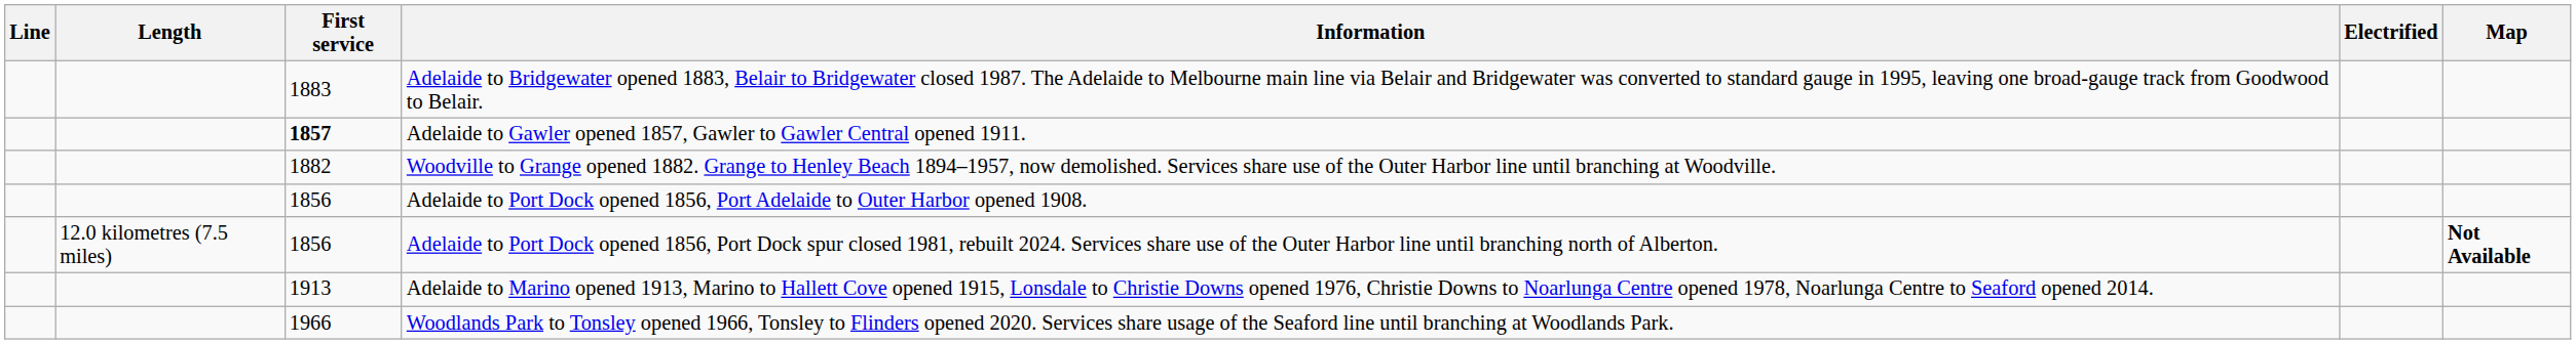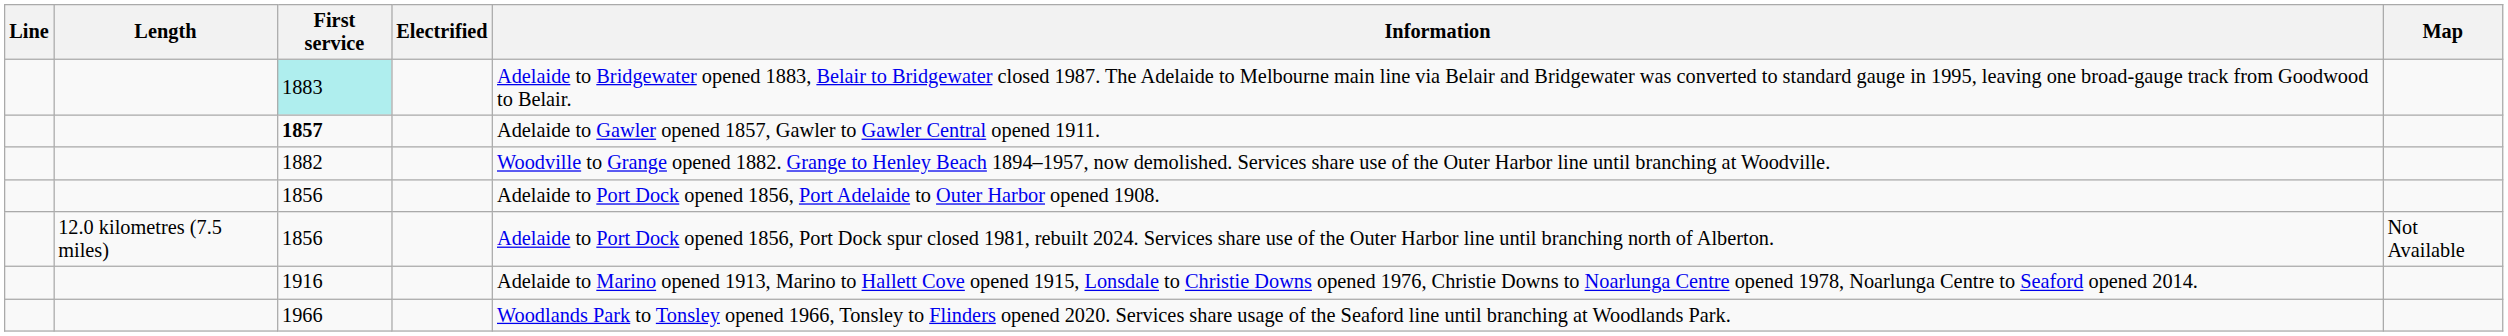 <table class="wikitable">
 <tr>
 <th>Line</th>
 <th>Length</th>
 <th>First service</th>
+<th>Electrified</th>
 <th>Information</th>
-<th>Electrified</th>
 <th>Map</th>
 </tr>
 <tr>
 <td></td>
 <td></td>
-<td>1883</td>
+<td style="background: paleturquoise;">1883</td>
+<td></td>
 <td><a href='#'>Adelaide</a> to <a href='#'>Bridgewater</a> opened 1883, <a href='#'>Belair to Bridgewater</a> closed 1987. The Adelaide to Melbourne main line via Belair and Bridgewater was converted to standard gauge in 1995, leaving one broad-gauge track from Goodwood to Belair.</td>
-<td></td>
 <td></td>
 </tr>
 <tr>
 <td></td>
 <td></td>
 <td><strong>1857</strong></td>
+<td></td>
 <td>Adelaide to <a href='#'>Gawler</a> opened 1857, Gawler to <a href='#'>Gawler Central</a> opened 1911.</td>
-<td></td>
 <td></td>
 </tr>
 <tr>
 <td></td>
 <td></td>
 <td>1882</td>
+<td></td>
 <td><a href='#'>Woodville</a> to <a href='#'>Grange</a> opened 1882. <a href='#'>Grange to Henley Beach</a> 1894–1957, now demolished. Services share use of the Outer Harbor line until branching at Woodville.</td>
-<td></td>
 <td></td>
 </tr>
 <tr>
 <td></td>
 <td></td>
 <td>1856</td>
+<td></td>
 <td>Adelaide to <a href='#'>Port Dock</a> opened 1856, <a href='#'>Port Adelaide</a> to <a href='#'>Outer Harbor</a> opened 1908.</td>
-<td></td>
 <td></td>
 </tr>
 <tr>
 <td></td>
 <td>12.0 kilometres (7.5 miles)</td>
 <td>1856</td>
+<td></td>
 <td><a href='#'>Adelaide</a> to <a href='#'>Port Dock</a> opened 1856, Port Dock spur closed 1981, rebuilt 2024. Services share use of the Outer Harbor line until branching north of Alberton.</td>
-<td></td>
-<td><strong>Not Available</strong></td>
+<td>Not Available</td>
 </tr>
 <tr>
 <td></td>
 <td></td>
-<td>1913</td>
+<td>1916</td>
+<td></td>
 <td>Adelaide to <a href='#'>Marino</a> opened 1913, Marino to <a href='#'>Hallett Cove</a> opened 1915, <a href='#'>Lonsdale</a> to <a href='#'>Christie Downs</a> opened 1976, Christie Downs to <a href='#'>Noarlunga Centre</a> opened 1978, Noarlunga Centre to <a href='#'>Seaford</a> opened 2014.</td>
-<td></td>
 <td></td>
 </tr>
 <tr>
 <td></td>
 <td></td>
 <td>1966</td>
+<td></td>
 <td><a href='#'>Woodlands Park</a> to <a href='#'>Tonsley</a> opened 1966, Tonsley to <a href='#'>Flinders</a> opened 2020. Services share usage of the Seaford line until branching at Woodlands Park.</td>
-<td></td>
 <td></td>
 </tr>
 </table>
